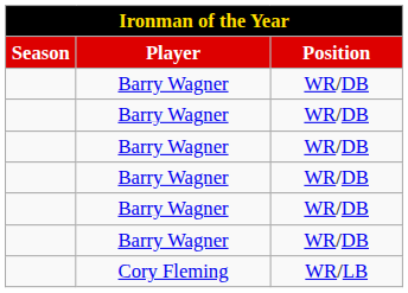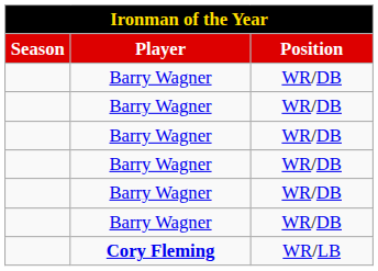 <table class="wikitable sortable" style="text-align:center">
 <tr>
 <td colspan="4" style="background:black; color:#FFDF00;"><strong>Ironman of the Year</strong></td>
 </tr>
 <tr>
 <th style="width:50px; background:#d00; color:white;">Season</th>
 <th style="width:150px; background:#d00; color:white;">Player</th>
 <th style="width:100px; background:#d00; color:white;">Position</th>
 </tr>
 <tr>
 <td></td>
 <td><a href='#'>Barry Wagner</a></td>
 <td><a href='#'>WR</a>/<a href='#'>DB</a></td>
 </tr>
 <tr>
 <td></td>
 <td><a href='#'>Barry Wagner</a></td>
 <td><a href='#'>WR</a>/<a href='#'>DB</a></td>
 </tr>
 <tr>
 <td></td>
 <td><a href='#'>Barry Wagner</a></td>
 <td><a href='#'>WR</a>/<a href='#'>DB</a></td>
 </tr>
 <tr>
 <td></td>
 <td><a href='#'>Barry Wagner</a></td>
 <td><a href='#'>WR</a>/<a href='#'>DB</a></td>
 </tr>
 <tr>
 <td></td>
 <td><a href='#'>Barry Wagner</a></td>
 <td><a href='#'>WR</a>/<a href='#'>DB</a></td>
 </tr>
 <tr>
 <td></td>
 <td><a href='#'>Barry Wagner</a></td>
 <td><a href='#'>WR</a>/<a href='#'>DB</a></td>
 </tr>
 <tr>
 <td></td>
-<td><a href='#'>Cory Fleming</a></td>
+<td><strong><a href='#'>Cory Fleming</a></strong></td>
 <td><a href='#'>WR</a>/<a href='#'>LB</a></td>
 </tr>
 </table>
